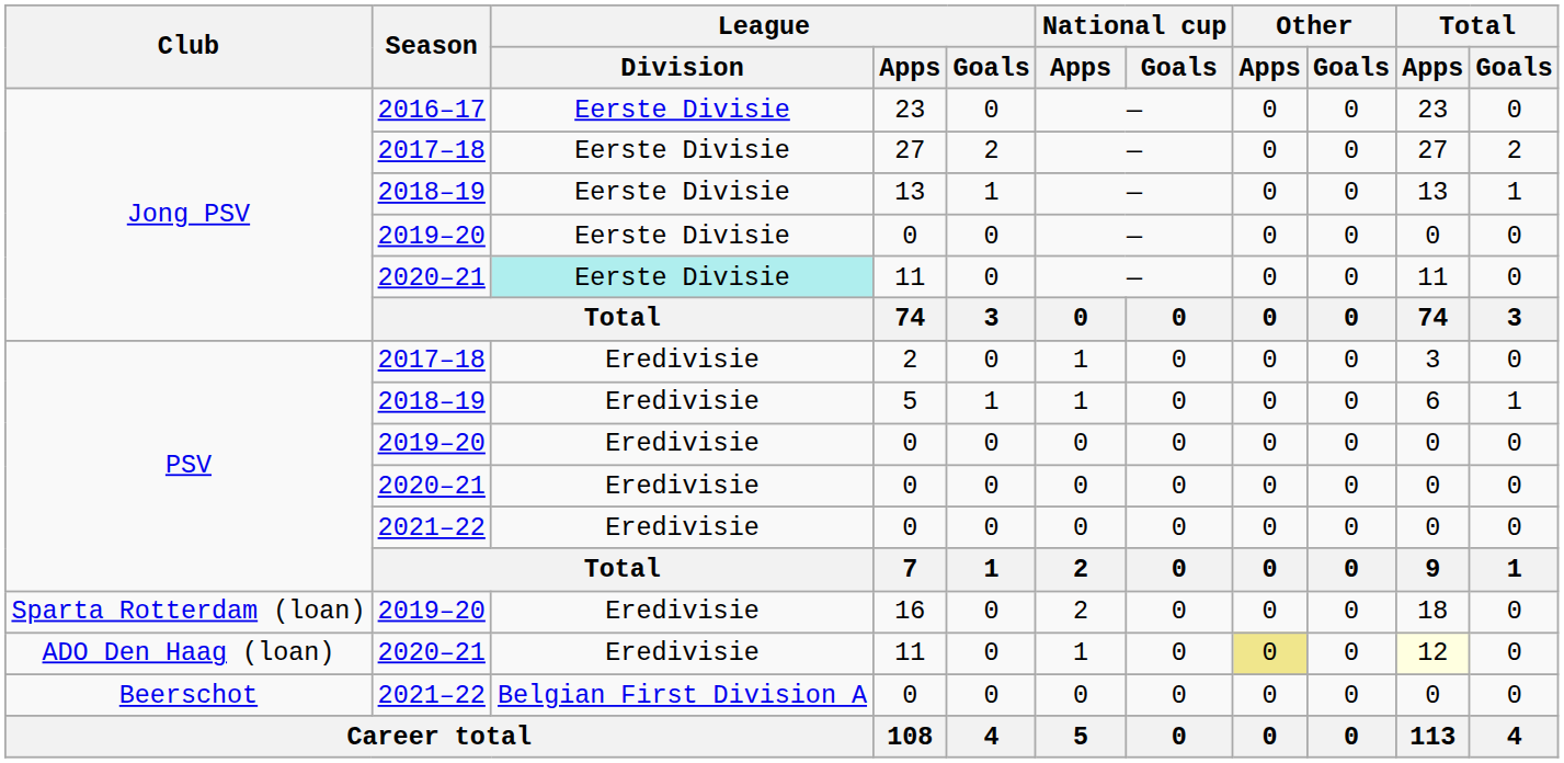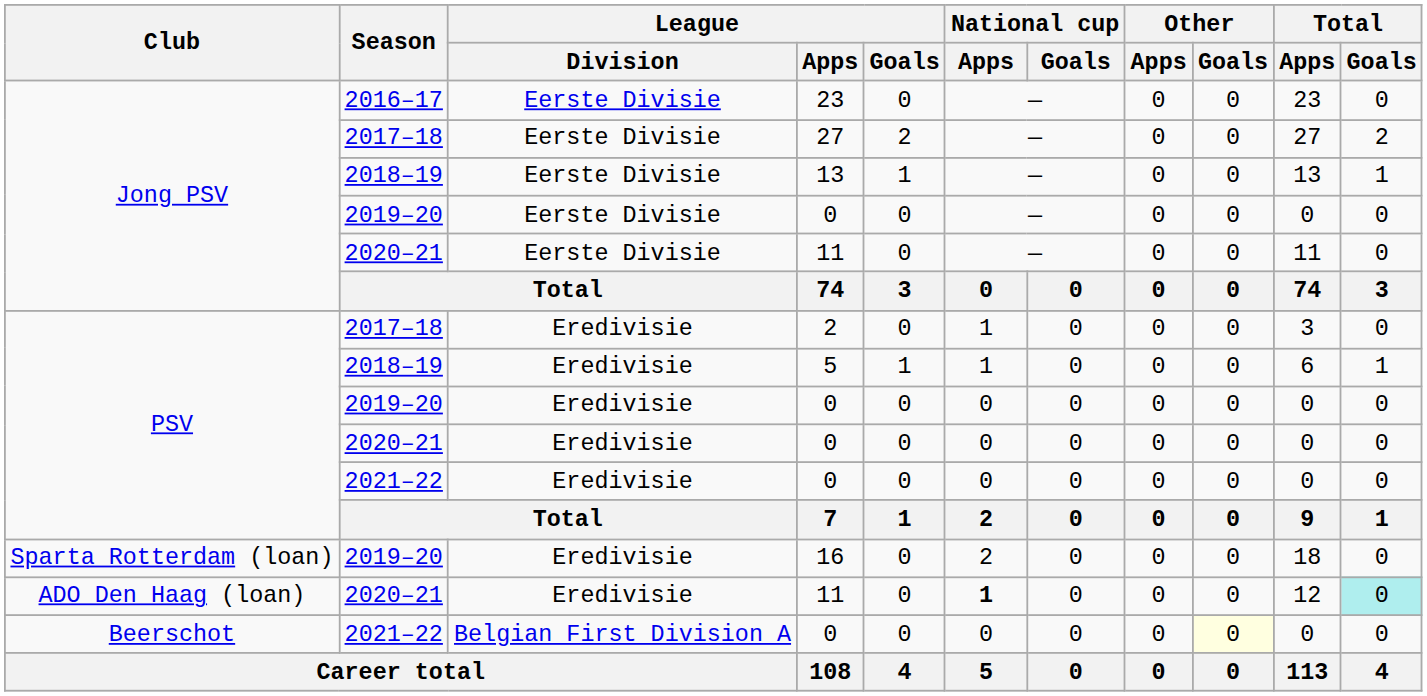 <table class="wikitable" style="text-align: center;">
 <tr>
 <th rowspan="2">Club</th>
 <th rowspan="2">Season</th>
 <th colspan="3">League</th>
 <th colspan="2">National cup</th>
 <th colspan="2">Other</th>
 <th colspan="2">Total</th>
 </tr>
 <tr>
 <th>Division</th>
 <th>Apps</th>
 <th>Goals</th>
 <th>Apps</th>
 <th>Goals</th>
 <th>Apps</th>
 <th>Goals</th>
 <th>Apps</th>
 <th>Goals</th>
 </tr>
 <tr>
 <td rowspan="6"><a href='#'>Jong PSV</a></td>
 <td><a href='#'>2016–17</a></td>
 <td><a href='#'>Eerste Divisie</a></td>
 <td>23</td>
 <td>0</td>
 <td colspan="2">—</td>
 <td>0</td>
 <td>0</td>
 <td>23</td>
 <td>0</td>
 </tr>
 <tr>
 <td><a href='#'>2017–18</a></td>
 <td>Eerste Divisie</td>
 <td>27</td>
 <td>2</td>
 <td colspan="2">—</td>
 <td>0</td>
 <td>0</td>
 <td>27</td>
 <td>2</td>
 </tr>
 <tr>
 <td><a href='#'>2018–19</a></td>
 <td>Eerste Divisie</td>
 <td>13</td>
 <td>1</td>
 <td colspan="2">—</td>
 <td>0</td>
 <td>0</td>
 <td>13</td>
 <td>1</td>
 </tr>
 <tr>
 <td><a href='#'>2019–20</a></td>
 <td>Eerste Divisie</td>
 <td>0</td>
 <td>0</td>
 <td colspan="2">—</td>
 <td>0</td>
 <td>0</td>
 <td>0</td>
 <td>0</td>
 </tr>
 <tr>
 <td><a href='#'>2020–21</a></td>
-<td style="background: paleturquoise;">Eerste Divisie</td>
+<td>Eerste Divisie</td>
 <td>11</td>
 <td>0</td>
 <td colspan="2">—</td>
 <td>0</td>
 <td>0</td>
 <td>11</td>
 <td>0</td>
 </tr>
 <tr>
 <th colspan="2">Total</th>
 <th>74</th>
 <th>3</th>
 <th>0</th>
 <th>0</th>
 <th>0</th>
 <th>0</th>
 <th>74</th>
 <th>3</th>
 </tr>
 <tr>
 <td rowspan="6"><a href='#'>PSV</a></td>
 <td><a href='#'>2017–18</a></td>
 <td>Eredivisie</td>
 <td>2</td>
 <td>0</td>
 <td>1</td>
 <td>0</td>
 <td>0</td>
 <td>0</td>
 <td>3</td>
 <td>0</td>
 </tr>
 <tr>
 <td><a href='#'>2018–19</a></td>
 <td>Eredivisie</td>
 <td>5</td>
 <td>1</td>
 <td>1</td>
 <td>0</td>
 <td>0</td>
 <td>0</td>
 <td>6</td>
 <td>1</td>
 </tr>
 <tr>
 <td><a href='#'>2019–20</a></td>
 <td>Eredivisie</td>
 <td>0</td>
 <td>0</td>
 <td>0</td>
 <td>0</td>
 <td>0</td>
 <td>0</td>
 <td>0</td>
 <td>0</td>
 </tr>
 <tr>
 <td><a href='#'>2020–21</a></td>
 <td>Eredivisie</td>
 <td>0</td>
 <td>0</td>
 <td>0</td>
 <td>0</td>
 <td>0</td>
 <td>0</td>
 <td>0</td>
 <td>0</td>
 </tr>
 <tr>
 <td><a href='#'>2021–22</a></td>
 <td>Eredivisie</td>
 <td>0</td>
 <td>0</td>
 <td>0</td>
 <td>0</td>
 <td>0</td>
 <td>0</td>
 <td>0</td>
 <td>0</td>
 </tr>
 <tr>
 <th colspan="2">Total</th>
 <th>7</th>
 <th>1</th>
 <th>2</th>
 <th>0</th>
 <th>0</th>
 <th>0</th>
 <th>9</th>
 <th>1</th>
 </tr>
 <tr>
 <td><a href='#'>Sparta Rotterdam</a> (loan)</td>
 <td><a href='#'>2019–20</a></td>
 <td>Eredivisie</td>
 <td>16</td>
 <td>0</td>
 <td>2</td>
 <td>0</td>
 <td>0</td>
 <td>0</td>
 <td>18</td>
 <td>0</td>
 </tr>
 <tr>
 <td><a href='#'>ADO Den Haag</a> (loan)</td>
 <td><a href='#'>2020–21</a></td>
 <td>Eredivisie</td>
 <td>11</td>
 <td>0</td>
-<td>1</td>
+<td><strong>1</strong></td>
 <td>0</td>
-<td style="background: khaki;">0</td>
 <td>0</td>
-<td style="background: lightyellow;">12</td>
 <td>0</td>
+<td>12</td>
+<td style="background: paleturquoise;">0</td>
 </tr>
 <tr>
 <td><a href='#'>Beerschot</a></td>
 <td><a href='#'>2021–22</a></td>
 <td><a href='#'>Belgian First Division A</a></td>
 <td>0</td>
 <td>0</td>
 <td>0</td>
 <td>0</td>
 <td>0</td>
-<td>0</td>
+<td style="background: lightyellow;">0</td>
 <td>0</td>
 <td>0</td>
 </tr>
 <tr>
 <th colspan="3">Career total</th>
 <th>108</th>
 <th>4</th>
 <th>5</th>
 <th>0</th>
 <th>0</th>
 <th>0</th>
 <th>113</th>
 <th>4</th>
 </tr>
 </table>
